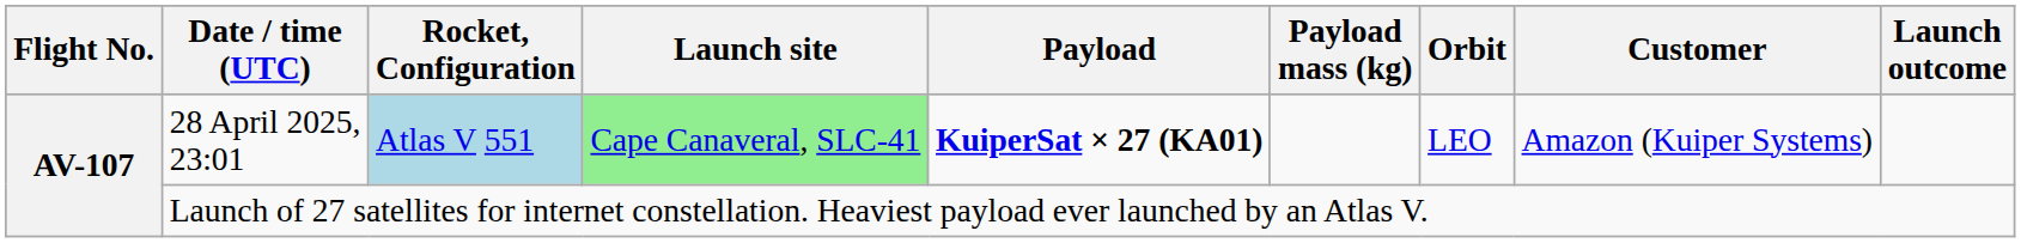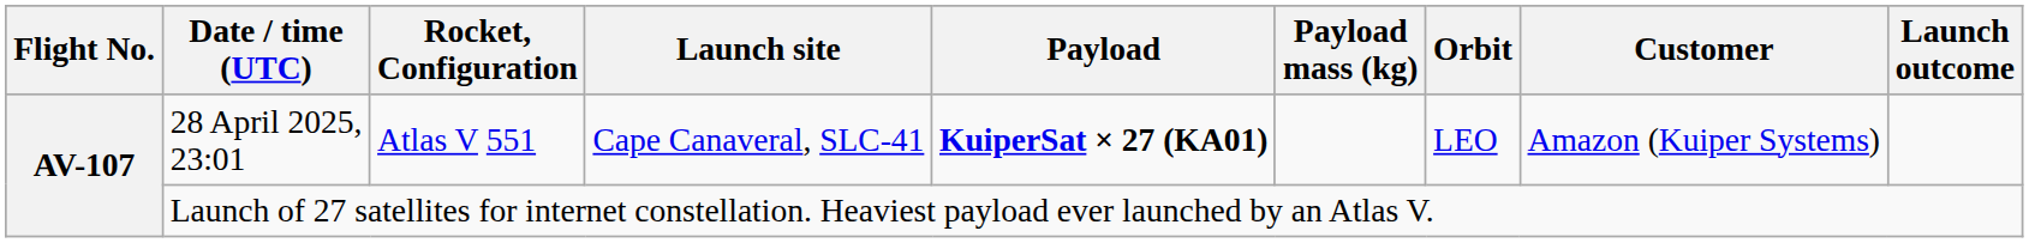 <table class="wikitable sticky-header">
 <tr>
 <th scope="col">Flight No.</th>
 <th scope="col">Date / time<br>(<a href='#'>UTC</a>)</th>
 <th scope="col">Rocket,<br>Configuration</th>
 <th scope="col">Launch site</th>
 <th scope="col">Payload</th>
 <th scope="col">Payload<br>mass (kg)</th>
 <th scope="col">Orbit</th>
 <th scope="col">Customer</th>
 <th scope="col">Launch<br>outcome</th>
 </tr>
 <tr>
 <th scope="row" rowspan = 2 style="text-align:center;">AV-107</th>
 <td>28 April 2025,<br>23:01</td>
-<td style="background: lightblue;"><a href='#'>Atlas V</a> <a href='#'>551</a></td>
-<td style="background: lightgreen;"><a href='#'>Cape Canaveral</a>, <a href='#'>SLC-41</a></td>
+<td><a href='#'>Atlas V</a> <a href='#'>551</a></td>
+<td><a href='#'>Cape Canaveral</a>, <a href='#'>SLC-41</a></td>
 <td><strong><a href='#'>KuiperSat</a> × 27 (KA01)</strong></td>
 <td></td>
 <td><a href='#'>LEO</a></td>
 <td><a href='#'>Amazon</a> (<a href='#'>Kuiper Systems</a>)</td>
 <td></td>
 </tr>
 <tr>
 <td colspan=8>Launch of 27 satellites for internet constellation. Heaviest payload ever launched by an Atlas V.</td>
 </tr>
 </table>
